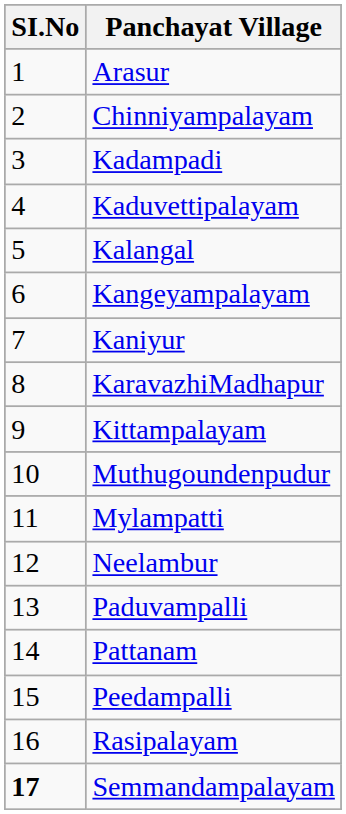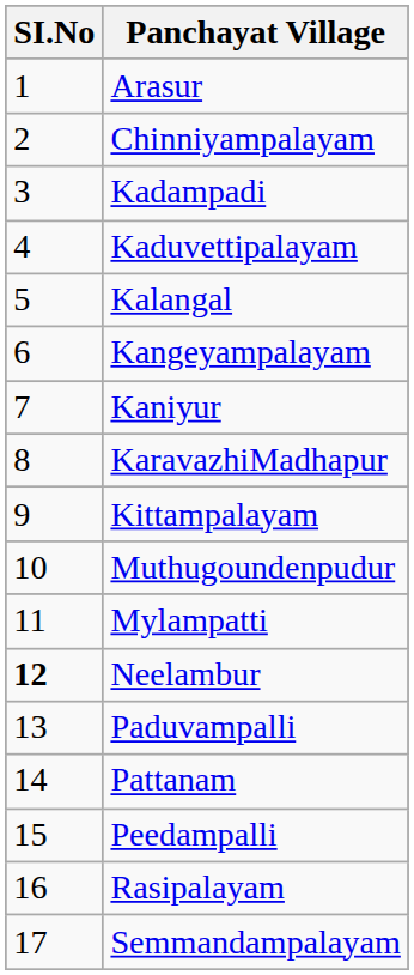 <table class="wikitable sortable">
 <tr>
 <th>SI.No</th>
 <th>Panchayat Village</th>
 </tr>
 <tr>
 <td>1</td>
 <td><a href='#'>Arasur</a></td>
 </tr>
 <tr>
 <td>2</td>
 <td><a href='#'>Chinniyampalayam</a></td>
 </tr>
 <tr>
 <td>3</td>
 <td><a href='#'>Kadampadi</a></td>
 </tr>
 <tr>
 <td>4</td>
 <td><a href='#'>Kaduvettipalayam</a></td>
 </tr>
 <tr>
 <td>5</td>
 <td><a href='#'>Kalangal</a></td>
 </tr>
 <tr>
 <td>6</td>
 <td><a href='#'>Kangeyampalayam</a></td>
 </tr>
 <tr>
 <td>7</td>
 <td><a href='#'>Kaniyur</a></td>
 </tr>
 <tr>
 <td>8</td>
 <td><a href='#'>KaravazhiMadhapur</a></td>
 </tr>
 <tr>
 <td>9</td>
 <td><a href='#'>Kittampalayam</a></td>
 </tr>
 <tr>
 <td>10</td>
 <td><a href='#'>Muthugoundenpudur</a></td>
 </tr>
 <tr>
 <td>11</td>
 <td><a href='#'>Mylampatti</a></td>
 </tr>
 <tr>
-<td>12</td>
+<td><strong>12</strong></td>
 <td><a href='#'>Neelambur</a></td>
 </tr>
 <tr>
 <td>13</td>
 <td><a href='#'>Paduvampalli</a></td>
 </tr>
 <tr>
 <td>14</td>
 <td><a href='#'>Pattanam</a></td>
 </tr>
 <tr>
 <td>15</td>
 <td><a href='#'>Peedampalli</a></td>
 </tr>
 <tr>
 <td>16</td>
 <td><a href='#'>Rasipalayam</a></td>
 </tr>
 <tr>
-<td><strong>17</strong></td>
+<td>17</td>
 <td><a href='#'>Semmandampalayam</a></td>
 </tr>
 </table>
